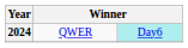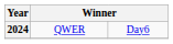 <table class="wikitable plainrowheaders" style="text-align:center">
 <tr>
 <th scope="col">Year</th>
 <th scope="col" width="200" colspan='2'>Winner</th>
 </tr>
 <tr>
 <th scope="row">2024</th>
 <td><a href='#'>QWER</a></td>
-<td style="background: paleturquoise;"><a href='#'>Day6</a></td>
+<td><a href='#'>Day6</a></td>
 </tr>
 <tr>
 </tr>
 </table>
